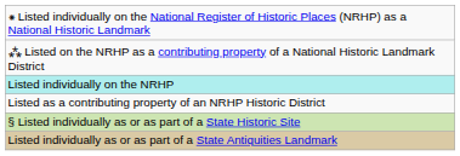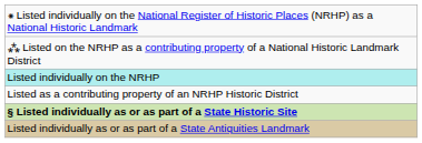 <table class="wikitable">
 <tr>
 <td>⁕ Listed individually on the <a href='#'>National Register of Historic Places</a> (NRHP) as a <a href='#'>National Historic Landmark</a></td>
 </tr>
 <tr>
 <td>⁂ Listed on the NRHP as a <a href='#'>contributing property</a> of a National Historic Landmark District</td>
 </tr>
 <tr>
 <td style="background: paleturquoise;"> Listed individually on the NRHP</td>
 </tr>
 <tr>
 <td> Listed as a contributing property of an NRHP Historic District</td>
 </tr>
 <tr>
-<td style="background: #CDE5B2">§ Listed individually as or as part of a <a href='#'>State Historic Site</a></td>
+<td style="background: #CDE5B2"><strong>§ Listed individually as or as part of a <a href='#'>State Historic Site</a></strong></td>
 </tr>
 <tr>
 <td style="background: #DACAA5"> Listed individually as or as part of a <a href='#'>State Antiquities Landmark</a></td>
 </tr>
 </table>
